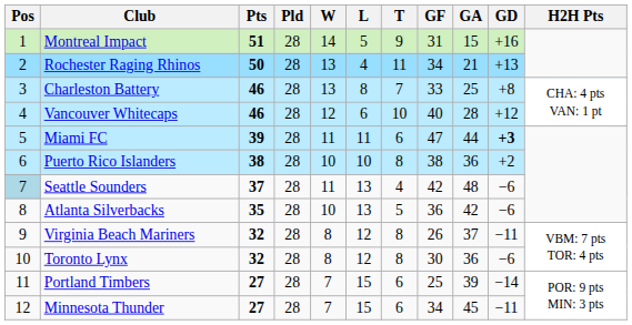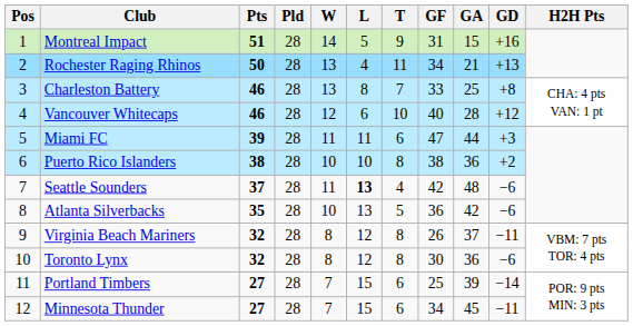 <table class="wikitable" style="text-align:center">
 <tr>
 <th width=30>Pos</th>
 <th width=200>Club</th>
 <th width=30>Pts</th>
 <th width=30>Pld</th>
 <th width=30>W</th>
 <th width=30>L</th>
 <th width=30>T</th>
 <th width=30>GF</th>
 <th width=30>GA</th>
 <th width=30>GD</th>
 <th width=100>H2H Pts</th>
 </tr>
 <tr bgcolor=#D0F0C0>
 <td>1</td>
 <td align="left"><a href='#'>Montreal Impact</a></td>
 <td><strong>51</strong></td>
 <td>28</td>
 <td>14</td>
 <td>5</td>
 <td>9</td>
 <td>31</td>
 <td>15</td>
 <td>+16</td>
 </tr>
 <tr bgcolor=#97DEFF>
 <td>2</td>
 <td align="left"><a href='#'>Rochester Raging Rhinos</a></td>
 <td><strong>50</strong></td>
 <td>28</td>
 <td>13</td>
 <td>4</td>
 <td>11</td>
 <td>34</td>
 <td>21</td>
 <td>+13</td>
 </tr>
 <tr bgcolor=#BBEBFF>
 <td>3</td>
 <td align="left"><a href='#'>Charleston Battery</a></td>
 <td><strong>46</strong></td>
 <td>28</td>
 <td>13</td>
 <td>8</td>
 <td>7</td>
 <td>33</td>
 <td>25</td>
 <td>+8</td>
 <td rowspan="2" bgcolor="FFFFFF"><small>CHA: 4 pts<br>VAN: 1 pt</small></td>
 </tr>
 <tr bgcolor=#BBEBFF>
 <td>4</td>
 <td align="left"><a href='#'>Vancouver Whitecaps</a></td>
 <td><strong>46</strong></td>
 <td>28</td>
 <td>12</td>
 <td>6</td>
 <td>10</td>
 <td>40</td>
 <td>28</td>
 <td>+12</td>
 </tr>
 <tr bgcolor=#BBEBFF>
 <td>5</td>
 <td align="left"><a href='#'>Miami FC</a></td>
 <td><strong>39</strong></td>
 <td>28</td>
 <td>11</td>
 <td>11</td>
 <td>6</td>
 <td>47</td>
 <td>44</td>
-<td><strong>+3</strong></td>
+<td>+3</td>
 </tr>
 <tr bgcolor=#BBEBFF>
 <td>6</td>
 <td align="left"><a href='#'>Puerto Rico Islanders</a></td>
 <td><strong>38</strong></td>
 <td>28</td>
 <td>10</td>
 <td>10</td>
 <td>8</td>
 <td>38</td>
 <td>36</td>
 <td>+2</td>
 </tr>
 <tr>
-<td style="background: lightblue;">7</td>
+<td>7</td>
 <td align="left"><a href='#'>Seattle Sounders</a></td>
 <td><strong>37</strong></td>
 <td>28</td>
 <td>11</td>
-<td>13</td>
+<td><strong>13</strong></td>
 <td>4</td>
 <td>42</td>
 <td>48</td>
 <td>−6</td>
 </tr>
 <tr>
 <td>8</td>
 <td align="left"><a href='#'>Atlanta Silverbacks</a></td>
 <td><strong>35</strong></td>
 <td>28</td>
 <td>10</td>
 <td>13</td>
 <td>5</td>
 <td>36</td>
 <td>42</td>
 <td>−6</td>
 </tr>
 <tr>
 <td>9</td>
 <td align="left"><a href='#'>Virginia Beach Mariners</a></td>
 <td><strong>32</strong></td>
 <td>28</td>
 <td>8</td>
 <td>12</td>
 <td>8</td>
 <td>26</td>
 <td>37</td>
 <td>−11</td>
 <td rowspan="2" bgcolor="FFFFFF"><small>VBM: 7 pts<br>TOR: 4 pts</small></td>
 </tr>
 <tr>
 <td>10</td>
 <td align="left"><a href='#'>Toronto Lynx</a></td>
 <td><strong>32</strong></td>
 <td>28</td>
 <td>8</td>
 <td>12</td>
 <td>8</td>
 <td>30</td>
 <td>36</td>
 <td>−6</td>
 </tr>
 <tr>
 <td>11</td>
 <td align="left"><a href='#'>Portland Timbers</a></td>
 <td><strong>27</strong></td>
 <td>28</td>
 <td>7</td>
 <td>15</td>
 <td>6</td>
 <td>25</td>
 <td>39</td>
 <td>−14</td>
 <td rowspan="2" bgcolor="FFFFFF"><small>POR: 9 pts<br>MIN: 3 pts</small></td>
 </tr>
 <tr>
 <td>12</td>
 <td align="left"><a href='#'>Minnesota Thunder</a></td>
 <td><strong>27</strong></td>
 <td>28</td>
 <td>7</td>
 <td>15</td>
 <td>6</td>
 <td>34</td>
 <td>45</td>
 <td>−11</td>
 </tr>
 </table>
